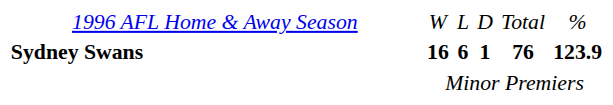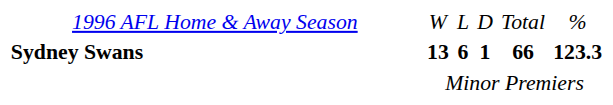 <table style="margin-right:4px; margin-top:8px; float:right; border:1px No. 000 solid; border-radius:8px; background:#fff; font-family:Verdana; font-size:8pt; text-align:center;">
 <tr>
 <td width=200><em><a href='#'>1996 AFL Home & Away Season</a></em></td>
 <td><em>W</em></td>
 <td><em>L</em></td>
 <td><em>D</em></td>
 <td><em>Total</em></td>
 <td><em>%</em></td>
 </tr>
 <tr>
 <td style="text-align:left"><strong>Sydney Swans</strong></td>
-<td><strong>16</strong></td>
+<td><strong>13</strong></td>
 <td><strong>6</strong></td>
 <td><strong>1</strong></td>
-<td><strong>76</strong></td>
-<td><strong>123.9</strong></td>
+<td><strong>66</strong></td>
+<td><strong>123.3</strong></td>
 </tr>
 <tr>
 <td></td>
 <td colspan=9><em>Minor Premiers</em></td>
 </tr>
 </table>
